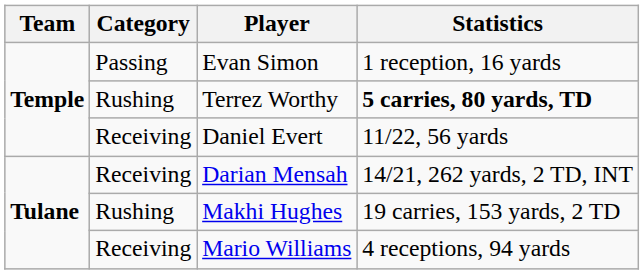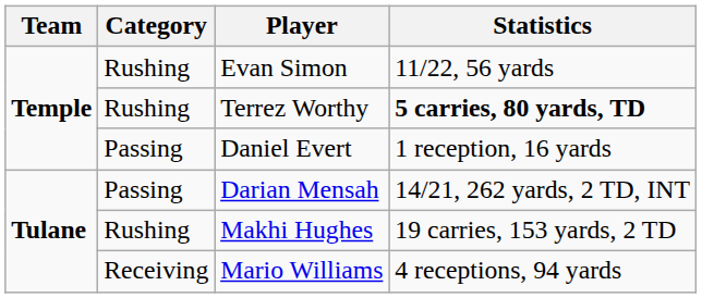 <table class="wikitable" style="float: right;">
 <tr>
 <th>Team</th>
 <th>Category</th>
 <th>Player</th>
 <th>Statistics</th>
 </tr>
 <tr>
 <td rowspan=3><strong>Temple</strong></td>
-<td>Passing</td>
+<td>Rushing</td>
 <td>Evan Simon</td>
-<td>1 reception, 16 yards</td>
+<td>11/22, 56 yards</td>
 </tr>
 <tr>
 <td>Rushing</td>
 <td>Terrez Worthy</td>
 <td><strong>5 carries, 80 yards, TD</strong></td>
 </tr>
 <tr>
-<td>Receiving</td>
+<td>Passing</td>
 <td>Daniel Evert</td>
-<td>11/22, 56 yards</td>
+<td>1 reception, 16 yards</td>
 </tr>
 <tr>
 <td rowspan=3><strong>Tulane</strong></td>
-<td>Receiving</td>
+<td>Passing</td>
 <td><a href='#'>Darian Mensah</a></td>
 <td>14/21, 262 yards, 2 TD, INT</td>
 </tr>
 <tr>
 <td>Rushing</td>
 <td><a href='#'>Makhi Hughes</a></td>
 <td>19 carries, 153 yards, 2 TD</td>
 </tr>
 <tr>
 <td>Receiving</td>
 <td><a href='#'>Mario Williams</a></td>
 <td>4 receptions, 94 yards</td>
 </tr>
 </table>
